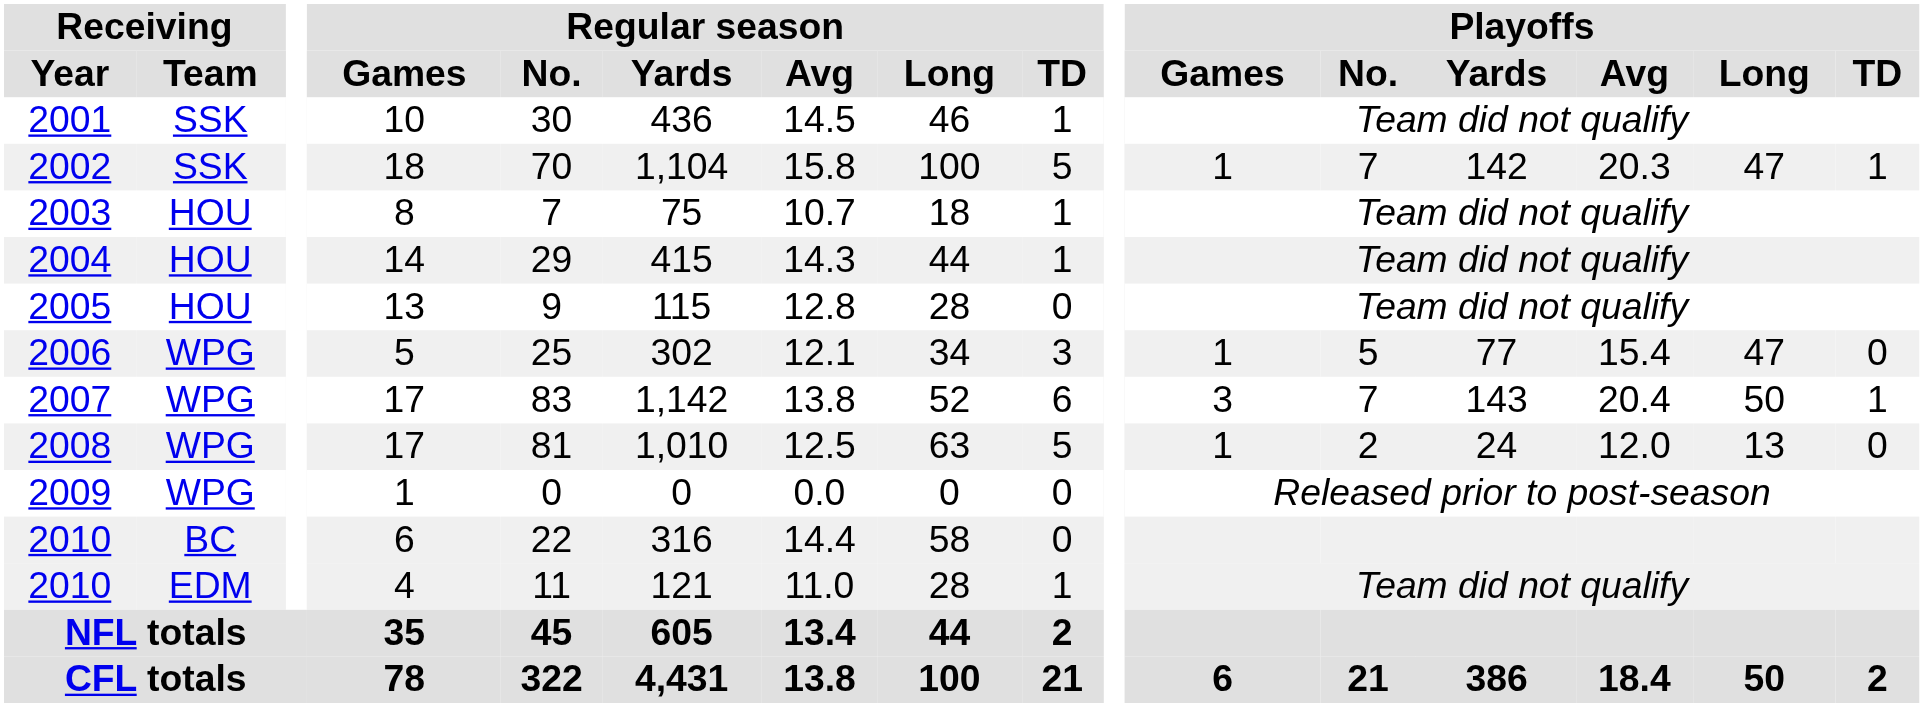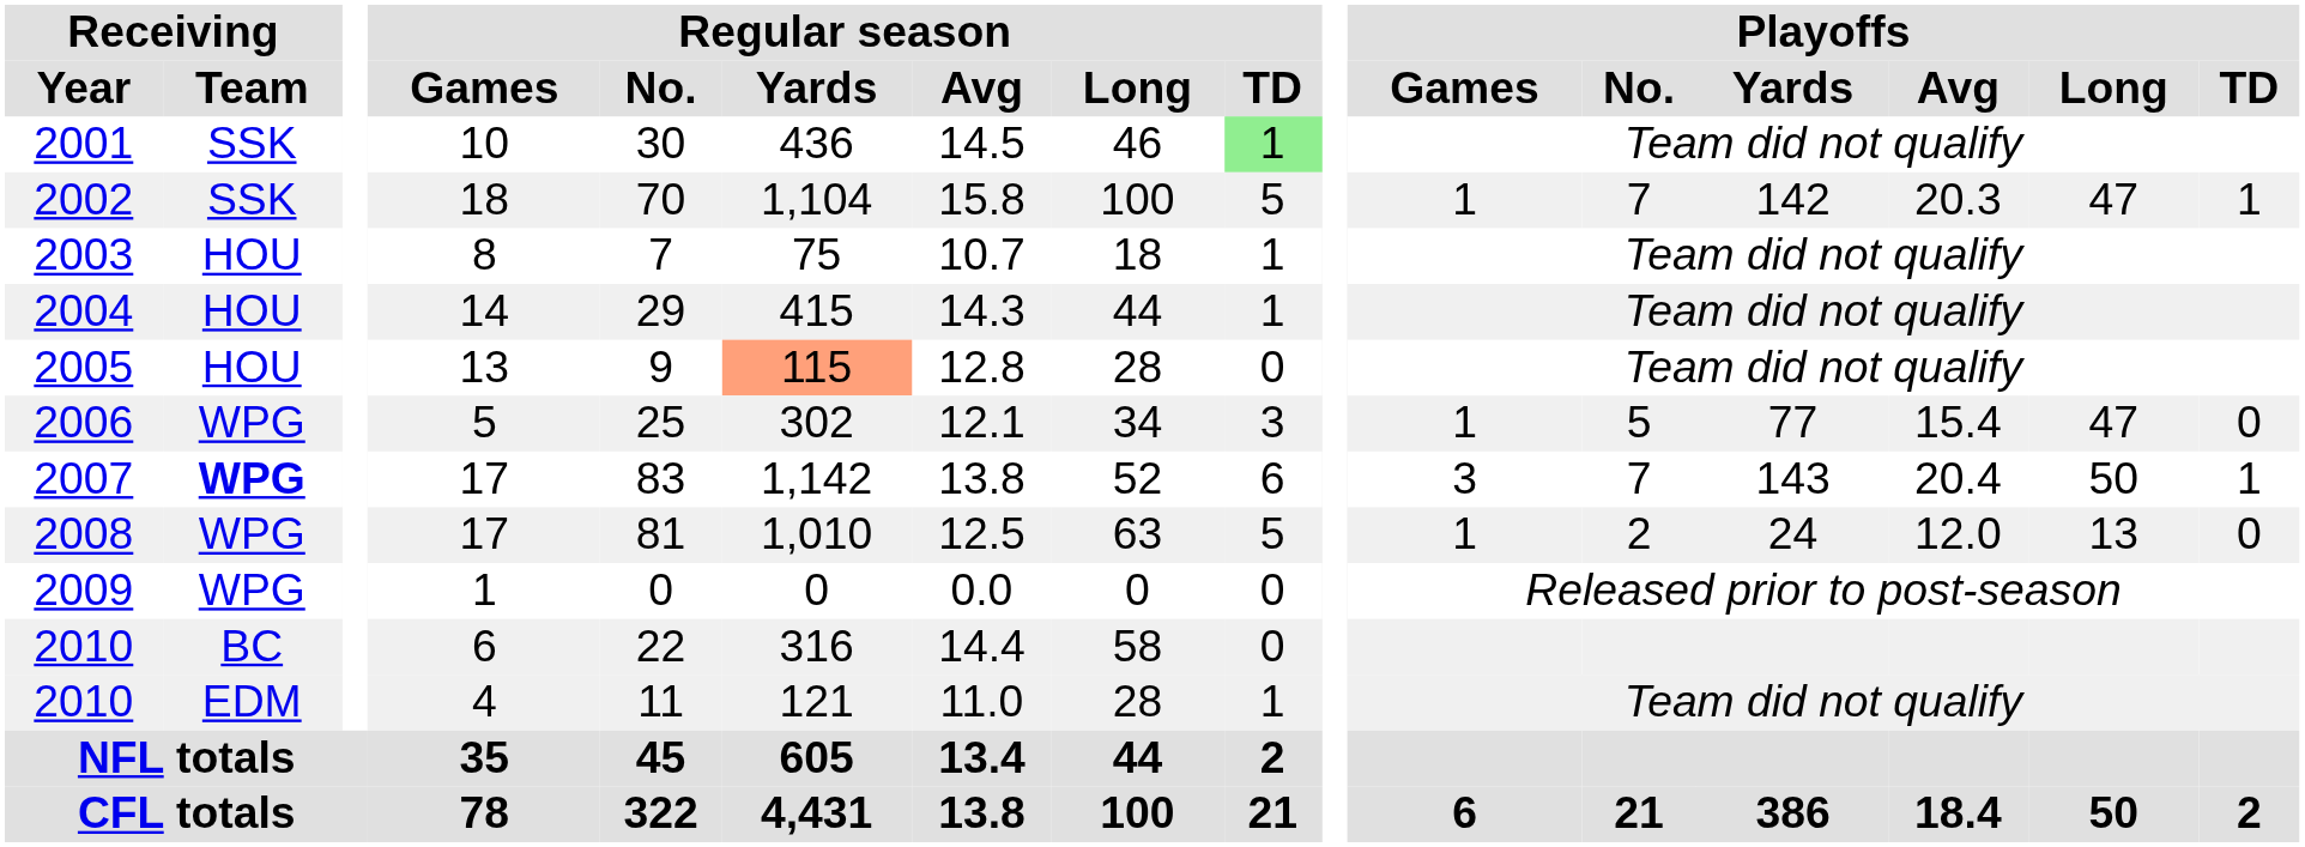 <table BORDER="0" CELLPADDING="1" CELLSPACING="0" width="65%" style="text-align:center">
 <tr bgcolor="#e0e0e0">
 <th colspan="2">Receiving</th>
 <th rowspan="99" bgcolor="#ffffff"> </th>
 <th colspan="6">Regular season</th>
 <th rowspan="99" bgcolor="#ffffff"> </th>
 <th colspan="6">Playoffs</th>
 </tr>
 <tr bgcolor="#e0e0e0">
 <th>Year</th>
 <th>Team</th>
 <th>Games</th>
 <th>No.</th>
 <th>Yards</th>
 <th>Avg</th>
 <th>Long</th>
 <th>TD</th>
 <th>Games</th>
 <th>No.</th>
 <th>Yards</th>
 <th>Avg</th>
 <th>Long</th>
 <th>TD</th>
 </tr>
 <tr ALIGN="center">
 <td><a href='#'>2001</a></td>
 <td><a href='#'>SSK</a></td>
 <td>10</td>
 <td>30</td>
 <td>436</td>
 <td>14.5</td>
 <td>46</td>
-<td>1</td>
+<td style="background: lightgreen;">1</td>
 <td colspan="6"><em>Team did not qualify</em></td>
 </tr>
 <tr ALIGN="center" bgcolor="#f0f0f0">
 <td><a href='#'>2002</a></td>
 <td><a href='#'>SSK</a></td>
 <td>18</td>
 <td>70</td>
 <td>1,104</td>
 <td>15.8</td>
 <td>100</td>
 <td>5</td>
 <td>1</td>
 <td>7</td>
 <td>142</td>
 <td>20.3</td>
 <td>47</td>
 <td>1</td>
 </tr>
 <tr ALIGN="center">
 <td><a href='#'>2003</a></td>
 <td><a href='#'>HOU</a></td>
 <td>8</td>
 <td>7</td>
 <td>75</td>
 <td>10.7</td>
 <td>18</td>
 <td>1</td>
 <td colspan="6"><em>Team did not qualify</em></td>
 </tr>
 <tr ALIGN="center" bgcolor="#f0f0f0">
 <td><a href='#'>2004</a></td>
 <td><a href='#'>HOU</a></td>
 <td>14</td>
 <td>29</td>
 <td>415</td>
 <td>14.3</td>
 <td>44</td>
 <td>1</td>
 <td colspan="6"><em>Team did not qualify</em></td>
 </tr>
 <tr ALIGN="center">
 <td><a href='#'>2005</a></td>
 <td><a href='#'>HOU</a></td>
 <td>13</td>
 <td>9</td>
-<td>115</td>
+<td style="background: lightsalmon;">115</td>
 <td>12.8</td>
 <td>28</td>
 <td>0</td>
 <td colspan="6"><em>Team did not qualify</em></td>
 </tr>
 <tr ALIGN="center" bgcolor="#f0f0f0">
 <td><a href='#'>2006</a></td>
 <td><a href='#'>WPG</a></td>
 <td>5</td>
 <td>25</td>
 <td>302</td>
 <td>12.1</td>
 <td>34</td>
 <td>3</td>
 <td>1</td>
 <td>5</td>
 <td>77</td>
 <td>15.4</td>
 <td>47</td>
 <td>0</td>
 </tr>
 <tr ALIGN="center">
 <td><a href='#'>2007</a></td>
-<td><a href='#'>WPG</a></td>
+<td><strong><a href='#'>WPG</a></strong></td>
 <td>17</td>
 <td>83</td>
 <td>1,142</td>
 <td>13.8</td>
 <td>52</td>
 <td>6</td>
 <td>3</td>
 <td>7</td>
 <td>143</td>
 <td>20.4</td>
 <td>50</td>
 <td>1</td>
 </tr>
 <tr ALIGN="center" bgcolor="#f0f0f0">
 <td><a href='#'>2008</a></td>
 <td><a href='#'>WPG</a></td>
 <td>17</td>
 <td>81</td>
 <td>1,010</td>
 <td>12.5</td>
 <td>63</td>
 <td>5</td>
 <td>1</td>
 <td>2</td>
 <td>24</td>
 <td>12.0</td>
 <td>13</td>
 <td>0</td>
 </tr>
 <tr ALIGN="center">
 <td><a href='#'>2009</a></td>
 <td><a href='#'>WPG</a></td>
 <td>1</td>
 <td>0</td>
 <td>0</td>
 <td>0.0</td>
 <td>0</td>
 <td>0</td>
 <td colspan="6"><em>Released prior to post-season</em></td>
 </tr>
 <tr ALIGN="center" bgcolor="#f0f0f0">
 <td><a href='#'>2010</a></td>
 <td><a href='#'>BC</a></td>
 <td>6</td>
 <td>22</td>
 <td>316</td>
 <td>14.4</td>
 <td>58</td>
 <td>0</td>
 <td></td>
 <td></td>
 <td></td>
 <td></td>
 <td></td>
 <td></td>
 </tr>
 <tr ALIGN="center" bgcolor="#f0f0f0">
 <td><a href='#'>2010</a></td>
 <td><a href='#'>EDM</a></td>
 <td>4</td>
 <td>11</td>
 <td>121</td>
 <td>11.0</td>
 <td>28</td>
 <td>1</td>
 <td colspan="6"><em>Team did not qualify</em></td>
 </tr>
 <tr bgcolor="#e0e0e0">
 <th colspan="3"><a href='#'>NFL</a> totals</th>
 <th>35</th>
 <th>45</th>
 <th>605</th>
 <th>13.4</th>
 <th>44</th>
 <th>2</th>
 <th></th>
 <th></th>
 <th></th>
 <th></th>
 <th></th>
 <th></th>
 </tr>
 <tr bgcolor="#e0e0e0">
 <th colspan="3"><a href='#'>CFL</a> totals</th>
 <th>78</th>
 <th>322</th>
 <th>4,431</th>
 <th>13.8</th>
 <th>100</th>
 <th>21</th>
 <th>6</th>
 <th>21</th>
 <th>386</th>
 <th>18.4</th>
 <th>50</th>
 <th>2</th>
 </tr>
 </table>
